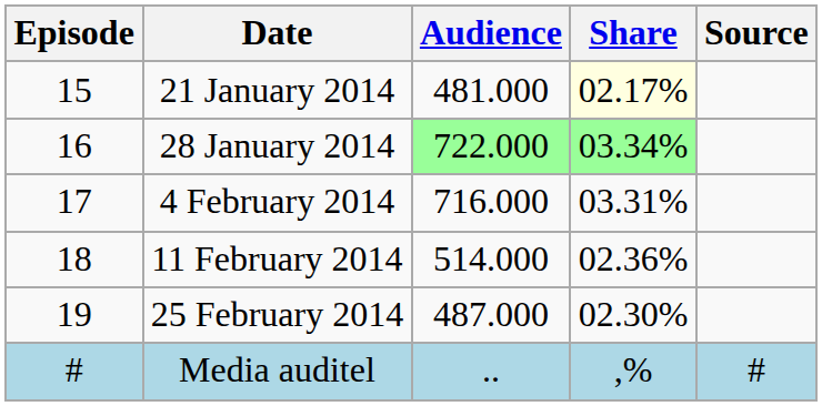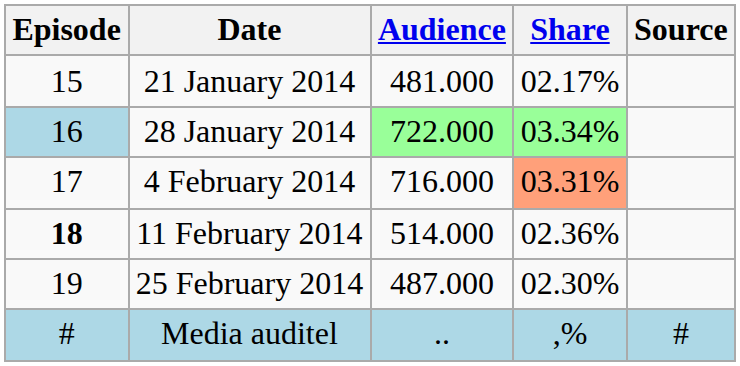 <table class="wikitable" style="text-align:center;">
 <tr>
 <th>Episode</th>
 <th>Date</th>
 <th><a href='#'>Audience</a></th>
 <th><a href='#'>Share</a></th>
 <th>Source</th>
 </tr>
 <tr>
 <td>15</td>
 <td>21 January 2014</td>
 <td>481.000</td>
-<td style="background: lightyellow;">02.17%</td>
+<td>02.17%</td>
 <td></td>
 </tr>
 <tr>
-<td>16</td>
+<td style="background: lightblue;">16</td>
 <td>28 January 2014</td>
 <td bgcolor=99ff99>722.000</td>
 <td bgcolor=99ff99>03.34%</td>
 <td></td>
 </tr>
 <tr>
 <td>17</td>
 <td>4 February  2014</td>
 <td>716.000</td>
-<td>03.31%</td>
+<td style="background: lightsalmon;">03.31%</td>
 <td></td>
 </tr>
 <tr>
-<td>18</td>
+<td><strong>18</strong></td>
 <td>11 February  2014</td>
 <td>514.000</td>
 <td>02.36%</td>
 <td></td>
 </tr>
 <tr>
 <td>19</td>
 <td>25 February 2014</td>
 <td>487.000</td>
 <td>02.30%</td>
 <td></td>
 </tr>
 <tr>
 <td bgcolor="lightblue">#</td>
 <td bgcolor="lightblue">Media auditel</td>
 <td bgcolor="lightblue">..</td>
 <td bgcolor="lightblue">,%</td>
 <td bgcolor="lightblue">#</td>
 </tr>
 <tr>
 </tr>
 </table>
